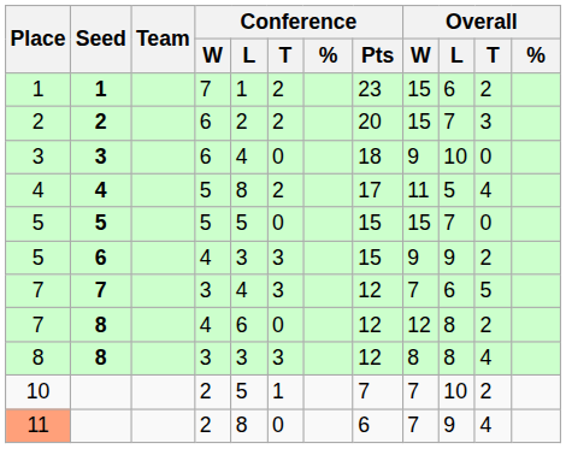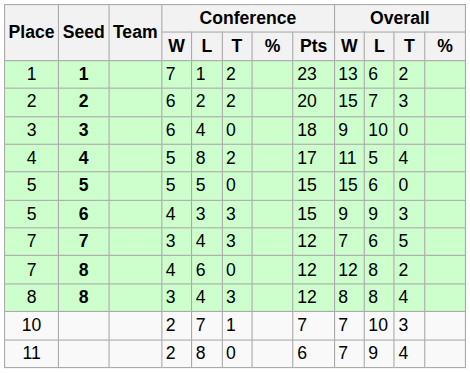 <table class="wikitable">
 <tr>
 <th rowspan ="2">Place</th>
 <th rowspan ="2">Seed</th>
 <th rowspan ="2">Team</th>
 <th colspan = "5">Conference</th>
 <th colspan = "4">Overall</th>
 </tr>
 <tr>
 <th scope="col" style="width: 20px;">W</th>
 <th scope="col" style="width: 20px;">L</th>
 <th scope="col" style="width: 20px;">T</th>
 <th scope="col" style="width: 30px;">%</th>
 <th scope="col" style="width: 30px;">Pts</th>
 <th scope="col" style="width: 20px;">W</th>
 <th scope="col" style="width: 20px;">L</th>
 <th scope="col" style="width: 20px;">T</th>
 <th scope="col" style="width: 30px;">%</th>
 </tr>
 <tr bgcolor=#ccffcc>
 <td style="text-align:center;">1</td>
 <td style="text-align:center;"><strong>1</strong></td>
 <td></td>
 <td>7</td>
 <td>1</td>
 <td>2</td>
 <td></td>
 <td>23</td>
-<td>15</td>
+<td>13</td>
 <td>6</td>
 <td>2</td>
 <td></td>
 </tr>
 <tr bgcolor=#ccffcc>
 <td style="text-align:center;">2</td>
 <td style="text-align:center;"><strong>2</strong></td>
 <td></td>
 <td>6</td>
 <td>2</td>
 <td>2</td>
 <td></td>
 <td>20</td>
 <td>15</td>
 <td>7</td>
 <td>3</td>
 <td></td>
 </tr>
 <tr bgcolor=#ccffcc>
 <td style="text-align:center;">3</td>
 <td style="text-align:center;"><strong>3</strong></td>
 <td></td>
 <td>6</td>
 <td>4</td>
 <td>0</td>
 <td></td>
 <td>18</td>
 <td>9</td>
 <td>10</td>
 <td>0</td>
 <td></td>
 </tr>
 <tr bgcolor=#ccffcc>
 <td style="text-align:center;">4</td>
 <td style="text-align:center;"><strong>4</strong></td>
 <td></td>
 <td>5</td>
 <td>8</td>
 <td>2</td>
 <td></td>
 <td>17</td>
 <td>11</td>
 <td>5</td>
 <td>4</td>
 <td></td>
 </tr>
 <tr bgcolor=#ccffcc>
 <td style="text-align:center;">5</td>
 <td style="text-align:center;"><strong>5</strong></td>
 <td></td>
 <td>5</td>
 <td>5</td>
 <td>0</td>
 <td></td>
 <td>15</td>
 <td>15</td>
-<td>7</td>
+<td>6</td>
 <td>0</td>
 <td></td>
 </tr>
 <tr bgcolor=#ccffcc>
 <td style="text-align:center;">5</td>
 <td style="text-align:center;"><strong>6</strong></td>
 <td></td>
 <td>4</td>
 <td>3</td>
 <td>3</td>
 <td></td>
 <td>15</td>
 <td>9</td>
 <td>9</td>
-<td>2</td>
+<td>3</td>
 <td></td>
 </tr>
 <tr bgcolor=#ccffcc>
 <td style="text-align:center;">7</td>
 <td style="text-align:center;"><strong>7</strong></td>
 <td></td>
 <td>3</td>
 <td>4</td>
 <td>3</td>
 <td></td>
 <td>12</td>
 <td>7</td>
 <td>6</td>
 <td>5</td>
 <td></td>
 </tr>
 <tr bgcolor=#ccffcc>
 <td style="text-align:center;">7</td>
 <td style="text-align:center;"><strong>8</strong></td>
 <td></td>
 <td>4</td>
 <td>6</td>
 <td>0</td>
 <td></td>
 <td>12</td>
 <td>12</td>
 <td>8</td>
 <td>2</td>
 <td></td>
 </tr>
 <tr bgcolor=#ccffcc>
 <td style="text-align:center;">8</td>
 <td style="text-align:center;"><strong>8</strong></td>
 <td></td>
 <td>3</td>
-<td>3</td>
+<td>4</td>
 <td>3</td>
 <td></td>
 <td>12</td>
 <td>8</td>
 <td>8</td>
 <td>4</td>
 <td></td>
 </tr>
 <tr>
 <td style="text-align:center;">10</td>
 <td style="text-align:center;"></td>
 <td></td>
 <td>2</td>
-<td>5</td>
+<td>7</td>
 <td>1</td>
 <td></td>
 <td>7</td>
 <td>7</td>
 <td>10</td>
-<td>2</td>
+<td>3</td>
 <td></td>
 </tr>
 <tr>
-<td style="background: lightsalmon; text-align:center;">11</td>
+<td style="text-align:center;">11</td>
 <td style="text-align:center;"></td>
 <td></td>
 <td>2</td>
 <td>8</td>
 <td>0</td>
 <td></td>
 <td>6</td>
 <td>7</td>
 <td>9</td>
 <td>4</td>
 <td></td>
 </tr>
 </table>
